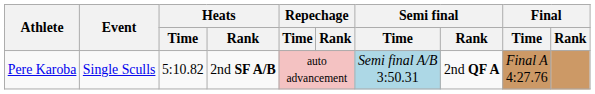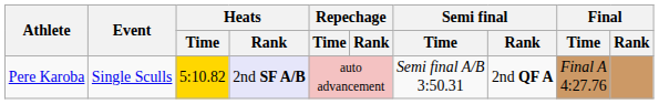 <table class=wikitable style="font-size:90%">
 <tr>
 <th rowspan=2>Athlete</th>
 <th rowspan=2>Event</th>
 <th colspan=2>Heats</th>
 <th colspan=2>Repechage</th>
 <th colspan=2>Semi final</th>
 <th colspan=2>Final</th>
 </tr>
 <tr>
 <th>Time</th>
 <th>Rank</th>
 <th>Time</th>
 <th>Rank</th>
 <th>Time</th>
 <th>Rank</th>
 <th>Time</th>
 <th>Rank</th>
 </tr>
 <tr>
 <td><a href='#'>Pere Karoba</a></td>
 <td><a href='#'>Single Sculls</a></td>
-<td align=center>5:10.82</td>
-<td align=center>2nd <strong>SF A/B</strong></td>
+<td align=center style="background: gold;">5:10.82</td>
+<td align=center style="background: lavender;">2nd <strong>SF A/B</strong></td>
 <td colspan="2" style="text-align:center; background:#f4c2c2;"><small>auto<br>advancement</small></td>
-<td align=center style="background: lightblue;"><em>Semi final A/B</em> <br> 3:50.31</td>
+<td align=center><em>Semi final A/B</em> <br> 3:50.31</td>
 <td align=center>2nd <strong>QF A</strong></td>
 <td align="center" bgcolor=cc9966><em>Final A</em> <br> 4:27.76</td>
 <td align="center" bgcolor=cc9966><strong></strong></td>
 </tr>
 </table>
